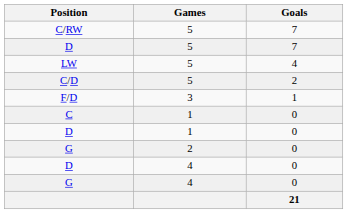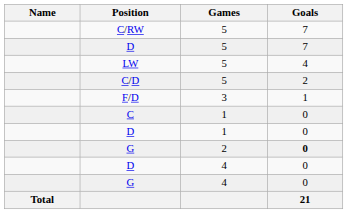 <table class="wikitable sortable" width ="40%">
 <tr align="center">
+<th><strong>Name</strong></th>
 <th><strong>Position</strong></th>
 <th><strong>Games</strong></th>
 <th><strong>Goals</strong></th>
 </tr>
 <tr align="center" bgcolor="">
+<td></td>
 <td><a href='#'>C</a>/<a href='#'>RW</a></td>
 <td>5</td>
 <td>7</td>
 </tr>
 <tr align="center" bgcolor="f0f0f0">
+<td></td>
 <td><a href='#'>D</a></td>
 <td>5</td>
 <td>7</td>
 </tr>
 <tr align="center" bgcolor="">
+<td></td>
 <td><a href='#'>LW</a></td>
 <td>5</td>
 <td>4</td>
 </tr>
 <tr align="center" bgcolor="f0f0f0">
+<td></td>
 <td><a href='#'>C</a>/<a href='#'>D</a></td>
 <td>5</td>
 <td>2</td>
 </tr>
 <tr align="center" bgcolor="">
+<td></td>
 <td><a href='#'>F</a>/<a href='#'>D</a></td>
 <td>3</td>
 <td>1</td>
 </tr>
 <tr align="center" bgcolor="f0f0f0">
+<td></td>
 <td><a href='#'>C</a></td>
 <td>1</td>
 <td>0</td>
 </tr>
 <tr align="center" bgcolor="">
+<td></td>
 <td><a href='#'>D</a></td>
 <td>1</td>
 <td>0</td>
 </tr>
 <tr align="center" bgcolor="f0f0f0">
+<td></td>
 <td><a href='#'>G</a></td>
 <td>2</td>
-<td>0</td>
+<td><strong>0</strong></td>
 </tr>
 <tr align="center" bgcolor="">
+<td></td>
 <td><a href='#'>D</a></td>
 <td>4</td>
 <td>0</td>
 </tr>
 <tr align="center" bgcolor="f0f0f0">
+<td></td>
 <td><a href='#'>G</a></td>
 <td>4</td>
 <td>0</td>
 </tr>
 <tr>
+<th>Total</th>
 <th></th>
 <th></th>
 <th>21</th>
 </tr>
 </table>
